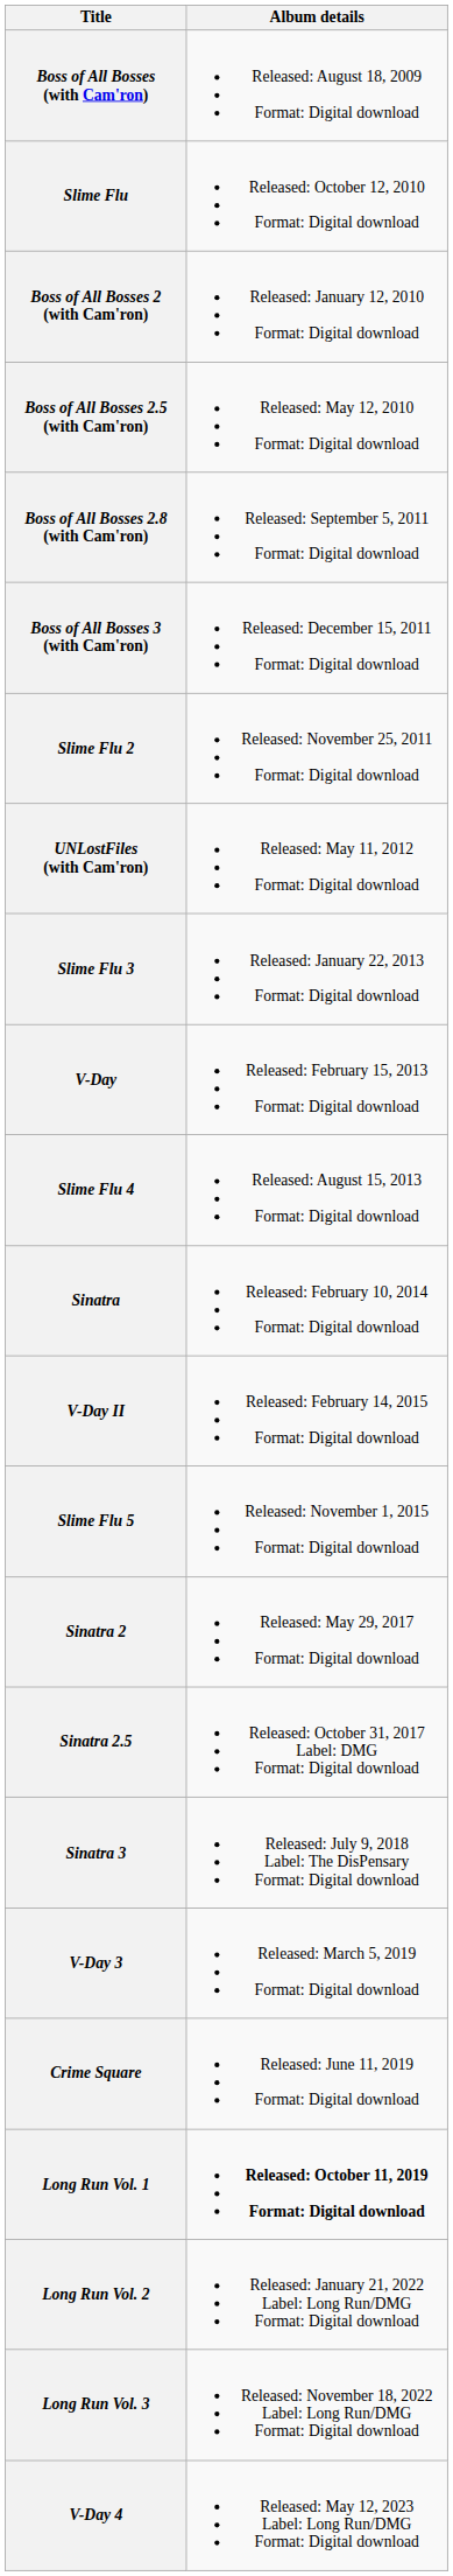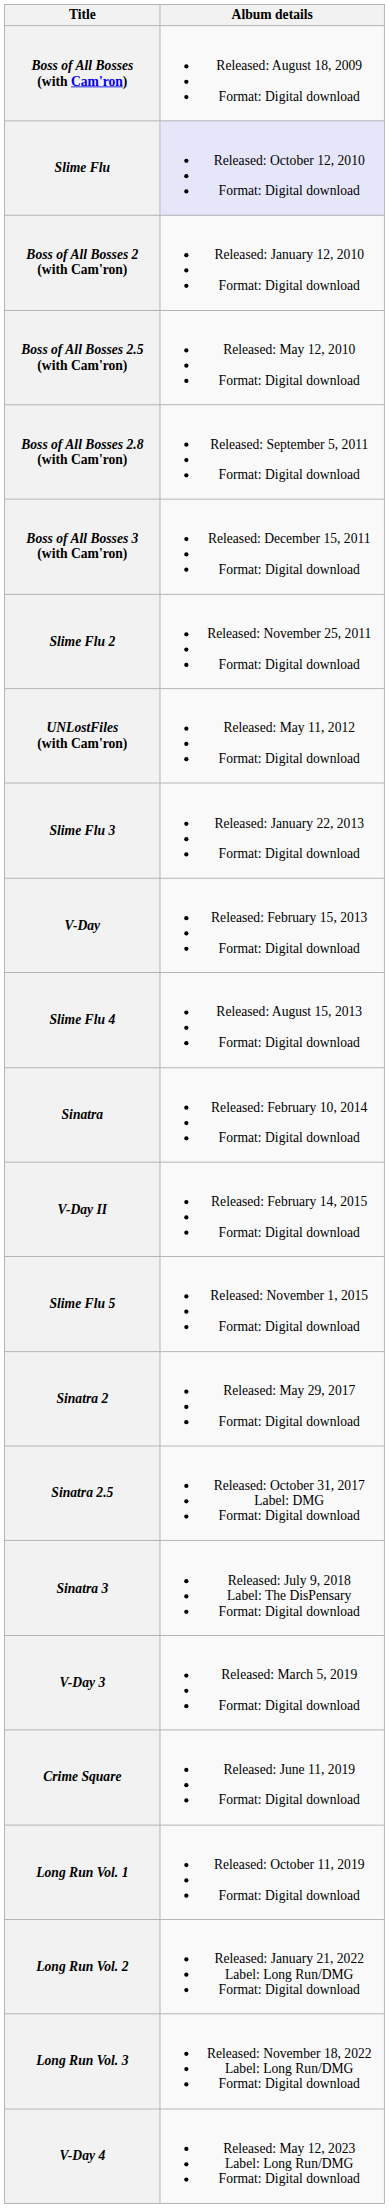 <table class="wikitable plainrowheaders" style="text-align:center;">
 <tr>
 <th scope="col" style="width:11em;">Title</th>
 <th scope="col" style="width:16em;">Album details</th>
 </tr>
 <tr>
 <th scope="row"><em>Boss of All Bosses</em><br><span>(with <a href='#'>Cam'ron</a>)</span></th>
 <td><br><ul><li>Released: August 18, 2009</li><li></li><li>Format: Digital download</li></ul></td>
 </tr>
 <tr>
 <th scope="row"><em>Slime Flu</em></th>
-<td><br><ul><li>Released: October 12, 2010</li><li></li><li>Format: Digital download</li></ul></td>
+<td style="background: lavender;"><br><ul><li>Released: October 12, 2010</li><li></li><li>Format: Digital download</li></ul></td>
 </tr>
 <tr>
 <th scope="row"><em>Boss of All Bosses 2</em><br><span>(with Cam'ron)</span></th>
 <td><br><ul><li>Released: January 12, 2010</li><li></li><li>Format: Digital download</li></ul></td>
 </tr>
 <tr>
 <th scope="row"><em>Boss of All Bosses 2.5</em><br><span>(with Cam'ron)</span></th>
 <td><br><ul><li>Released: May 12, 2010</li><li></li><li>Format: Digital download</li></ul></td>
 </tr>
 <tr>
 <th scope="row"><em>Boss of All Bosses 2.8</em><br><span>(with Cam'ron)</span></th>
 <td><br><ul><li>Released: September 5, 2011</li><li></li><li>Format: Digital download</li></ul></td>
 </tr>
 <tr>
 <th scope="row"><em>Boss of All Bosses 3</em><br><span>(with Cam'ron)</span></th>
 <td><br><ul><li>Released: December 15, 2011</li><li></li><li>Format: Digital download</li></ul></td>
 </tr>
 <tr>
 <th scope="row"><em>Slime Flu 2</em></th>
 <td><br><ul><li>Released: November 25, 2011</li><li></li><li>Format: Digital download</li></ul></td>
 </tr>
 <tr>
 <th scope="row"><em>UNLostFiles</em><br><span>(with Cam'ron)</span></th>
 <td><br><ul><li>Released: May 11, 2012</li><li></li><li>Format: Digital download</li></ul></td>
 </tr>
 <tr>
 <th scope="row"><em>Slime Flu 3</em></th>
 <td><br><ul><li>Released: January 22, 2013</li><li></li><li>Format: Digital download</li></ul></td>
 </tr>
 <tr>
 <th scope="row"><em>V-Day</em></th>
 <td><br><ul><li>Released: February 15, 2013</li><li></li><li>Format: Digital download</li></ul></td>
 </tr>
 <tr>
 <th scope="row"><em>Slime Flu 4</em></th>
 <td><br><ul><li>Released: August 15, 2013</li><li></li><li>Format: Digital download</li></ul></td>
 </tr>
 <tr>
 <th scope="row"><em>Sinatra</em></th>
 <td><br><ul><li>Released: February 10, 2014</li><li></li><li>Format: Digital download</li></ul></td>
 </tr>
 <tr>
 <th scope="row"><em>V-Day II</em></th>
 <td><br><ul><li>Released: February 14, 2015</li><li></li><li>Format: Digital download</li></ul></td>
 </tr>
 <tr>
 <th scope="row"><em>Slime Flu 5</em></th>
 <td><br><ul><li>Released: November 1, 2015</li><li></li><li>Format: Digital download</li></ul></td>
 </tr>
 <tr>
 <th scope="row"><em>Sinatra 2</em></th>
 <td><br><ul><li>Released: May 29, 2017</li><li></li><li>Format: Digital download</li></ul></td>
 </tr>
 <tr>
 <th scope="row"><em>Sinatra 2.5</em></th>
 <td><br><ul><li>Released: October 31, 2017</li><li>Label: DMG</li><li>Format: Digital download</li></ul></td>
 </tr>
 <tr>
 <th scope="row"><em>Sinatra 3</em></th>
 <td><br><ul><li>Released: July 9, 2018</li><li>Label: The DisPensary</li><li>Format: Digital download</li></ul></td>
 </tr>
 <tr>
 <th scope="row"><em>V-Day 3</em></th>
 <td><br><ul><li>Released: March 5, 2019</li><li></li><li>Format: Digital download</li></ul></td>
 </tr>
 <tr>
 <th scope="row"><em>Crime Square</em></th>
 <td><br><ul><li>Released: June 11, 2019</li><li></li><li>Format: Digital download</li></ul></td>
 </tr>
 <tr>
 <th scope="row"><em>Long Run Vol. 1</em></th>
-<td><strong><br><ul><li>Released: October 11, 2019</li><li></li><li>Format: Digital download</li></ul></strong></td>
+<td><br><ul><li>Released: October 11, 2019</li><li></li><li>Format: Digital download</li></ul></td>
 </tr>
 <tr>
 <th scope="row"><em>Long Run Vol. 2</em></th>
 <td><br><ul><li>Released: January 21, 2022</li><li>Label: Long Run/DMG</li><li>Format: Digital download</li></ul></td>
 </tr>
 <tr>
 <th scope="row"><em>Long Run Vol. 3</em></th>
 <td><br><ul><li>Released: November 18, 2022</li><li>Label: Long Run/DMG</li><li>Format: Digital download</li></ul></td>
 </tr>
 <tr>
 <th scope="row"><em>V-Day 4</em></th>
 <td><br><ul><li>Released: May 12, 2023</li><li>Label: Long Run/DMG</li><li>Format: Digital download</li></ul></td>
 </tr>
 </table>
